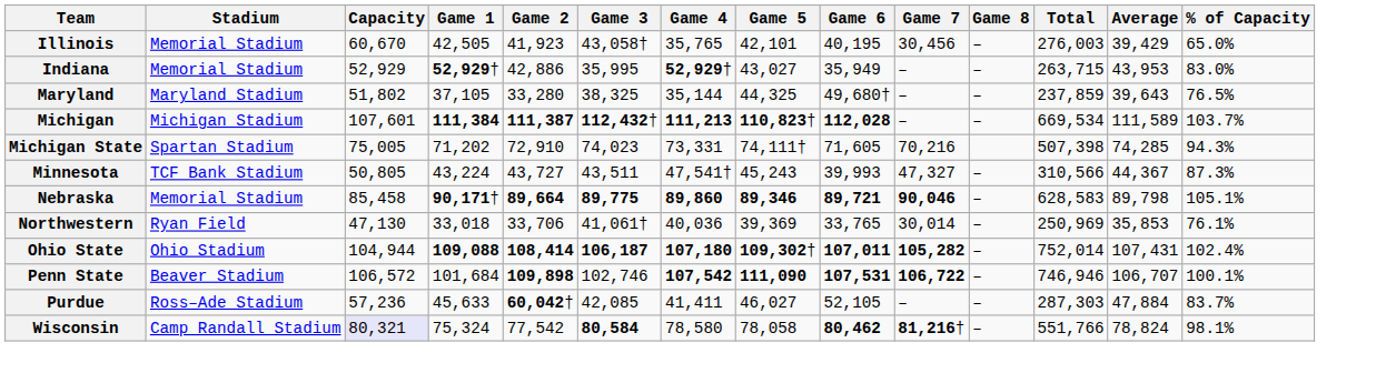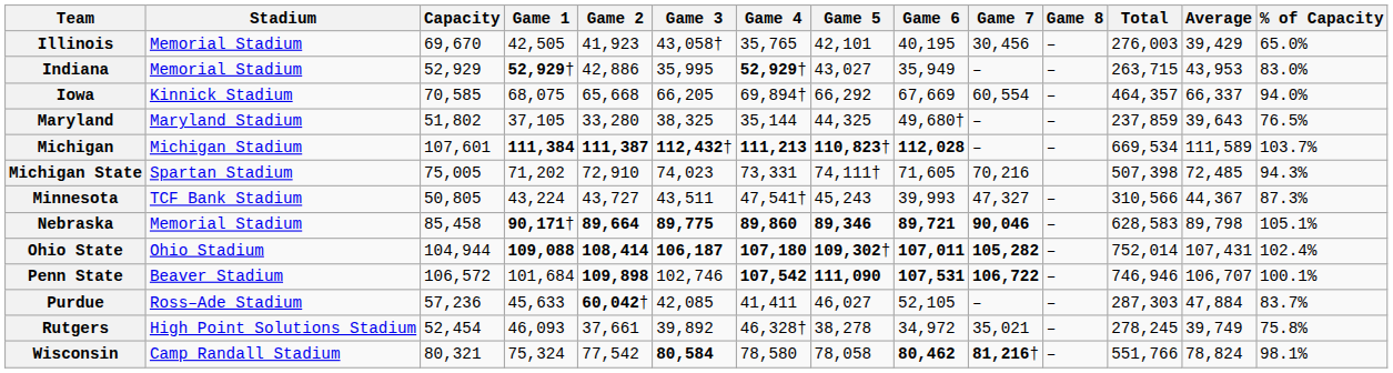 <table class="wikitable sortable">
 <tr>
 <th>Team</th>
 <th>Stadium</th>
 <th>Capacity</th>
 <th>Game 1</th>
 <th>Game 2</th>
 <th>Game 3</th>
 <th>Game 4</th>
 <th>Game 5</th>
 <th>Game 6</th>
 <th>Game 7</th>
 <th>Game 8</th>
 <th>Total</th>
 <th>Average</th>
 <th>% of Capacity</th>
 </tr>
 <tr>
 <th>Illinois</th>
 <td><a href='#'>Memorial Stadium</a></td>
-<td>60,670</td>
+<td>69,670</td>
 <td>42,505</td>
 <td>41,923</td>
 <td>43,058†</td>
 <td>35,765</td>
 <td>42,101</td>
 <td>40,195</td>
 <td>30,456</td>
 <td>–</td>
 <td>276,003</td>
 <td>39,429</td>
 <td>65.0%</td>
 </tr>
 <tr>
 <th>Indiana</th>
 <td><a href='#'>Memorial Stadium</a></td>
 <td>52,929</td>
 <td><strong>52,929</strong>†</td>
 <td>42,886</td>
 <td>35,995</td>
 <td><strong>52,929</strong>†</td>
 <td>43,027</td>
 <td>35,949</td>
 <td>–</td>
 <td>–</td>
 <td>263,715</td>
 <td>43,953</td>
 <td>83.0%</td>
+</tr>
+<tr>
+<th>Iowa</th>
+<td><a href='#'>Kinnick Stadium</a></td>
+<td>70,585</td>
+<td>68,075</td>
+<td>65,668</td>
+<td>66,205</td>
+<td>69,894†</td>
+<td>66,292</td>
+<td>67,669</td>
+<td>60,554</td>
+<td>–</td>
+<td>464,357</td>
+<td>66,337</td>
+<td>94.0%</td>
 </tr>
 <tr>
 <th>Maryland</th>
 <td><a href='#'>Maryland Stadium</a></td>
 <td>51,802</td>
 <td>37,105</td>
 <td>33,280</td>
 <td>38,325</td>
 <td>35,144</td>
 <td>44,325</td>
 <td>49,680†</td>
 <td>–</td>
 <td>–</td>
 <td>237,859</td>
 <td>39,643</td>
 <td>76.5%</td>
 </tr>
 <tr>
 <th>Michigan</th>
 <td><a href='#'>Michigan Stadium</a></td>
 <td>107,601</td>
 <td><strong>111,384</strong></td>
 <td><strong>111,387</strong></td>
 <td><strong>112,432</strong>†</td>
 <td><strong>111,213</strong></td>
 <td><strong>110,823</strong>†</td>
 <td><strong>112,028</strong></td>
 <td>–</td>
 <td>–</td>
 <td>669,534</td>
 <td>111,589</td>
 <td>103.7%</td>
 </tr>
 <tr>
 <th>Michigan State</th>
 <td><a href='#'>Spartan Stadium</a></td>
 <td>75,005</td>
 <td>71,202</td>
 <td>72,910</td>
 <td>74,023</td>
 <td>73,331</td>
 <td>74,111†</td>
 <td>71,605</td>
 <td>70,216</td>
 <td> </td>
 <td>507,398</td>
-<td>74,285</td>
+<td>72,485</td>
 <td>94.3%</td>
 </tr>
 <tr>
 <th>Minnesota</th>
 <td><a href='#'>TCF Bank Stadium</a></td>
 <td>50,805 </td>
 <td>43,224</td>
 <td>43,727</td>
 <td>43,511</td>
 <td>47,541†</td>
 <td>45,243</td>
 <td>39,993</td>
 <td>47,327</td>
 <td>–</td>
 <td>310,566</td>
 <td>44,367</td>
 <td>87.3%</td>
 </tr>
 <tr>
 <th>Nebraska</th>
 <td><a href='#'>Memorial Stadium</a></td>
 <td>85,458</td>
 <td><strong>90,171</strong>†</td>
 <td><strong>89,664</strong></td>
 <td><strong>89,775</strong></td>
 <td><strong>89,860</strong></td>
 <td><strong>89,346</strong></td>
 <td><strong>89,721</strong></td>
 <td><strong>90,046</strong></td>
 <td>–</td>
 <td>628,583</td>
 <td>89,798</td>
 <td>105.1%</td>
-</tr>
-<tr>
-<th>Northwestern</th>
-<td><a href='#'>Ryan Field</a></td>
-<td>47,130</td>
-<td>33,018</td>
-<td>33,706</td>
-<td>41,061†</td>
-<td>40,036</td>
-<td>39,369</td>
-<td>33,765</td>
-<td>30,014</td>
-<td>–</td>
-<td>250,969</td>
-<td>35,853</td>
-<td>76.1%</td>
 </tr>
 <tr>
 <th>Ohio State</th>
 <td><a href='#'>Ohio Stadium</a></td>
 <td>104,944</td>
 <td><strong>109,088</strong></td>
 <td><strong>108,414</strong></td>
 <td><strong>106,187</strong></td>
 <td><strong>107,180</strong></td>
 <td><strong>109,302</strong>†</td>
 <td><strong>107,011</strong></td>
 <td><strong>105,282</strong></td>
 <td>–</td>
 <td>752,014</td>
 <td>107,431</td>
 <td>102.4%</td>
 </tr>
 <tr>
 <th>Penn State</th>
 <td><a href='#'>Beaver Stadium</a></td>
 <td>106,572</td>
 <td>101,684</td>
 <td><strong>109,898</strong></td>
 <td>102,746</td>
 <td><strong>107,542</strong></td>
 <td><strong>111,090</strong></td>
 <td><strong>107,531</strong></td>
 <td><strong>106,722</strong></td>
 <td>–</td>
 <td>746,946</td>
 <td>106,707</td>
 <td>100.1%</td>
 </tr>
 <tr>
 <th>Purdue</th>
 <td><a href='#'>Ross–Ade Stadium</a></td>
 <td>57,236</td>
 <td>45,633</td>
 <td><strong>60,042</strong>†</td>
 <td>42,085</td>
 <td>41,411</td>
 <td>46,027</td>
 <td>52,105</td>
 <td>–</td>
 <td>–</td>
 <td>287,303</td>
 <td>47,884</td>
 <td>83.7%</td>
 </tr>
 <tr>
+<th>Rutgers</th>
+<td><a href='#'>High Point Solutions Stadium</a></td>
+<td>52,454</td>
+<td>46,093</td>
+<td>37,661</td>
+<td>39,892</td>
+<td>46,328†</td>
+<td>38,278</td>
+<td>34,972</td>
+<td>35,021</td>
+<td>–</td>
+<td>278,245</td>
+<td>39,749</td>
+<td>75.8%</td>
+</tr>
+<tr>
 <th>Wisconsin</th>
 <td><a href='#'>Camp Randall Stadium</a></td>
-<td style="background: lavender;">80,321</td>
+<td>80,321</td>
 <td>75,324</td>
 <td>77,542</td>
 <td><strong>80,584</strong></td>
 <td>78,580</td>
 <td>78,058</td>
 <td><strong>80,462</strong></td>
 <td><strong>81,216</strong>†</td>
 <td>–</td>
 <td>551,766</td>
 <td>78,824</td>
 <td>98.1%</td>
 </tr>
 </table>
